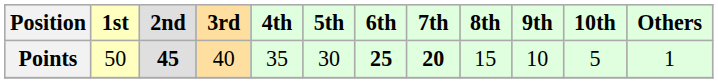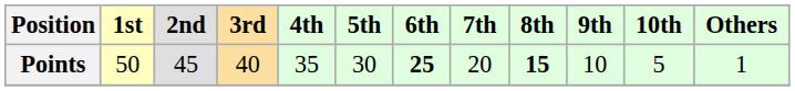 <table class="wikitable" style="font-size:85%; text-align:center">
 <tr>
 <th>Position</th>
 <td style="background:#ffffbf;"> <strong>1st</strong> </td>
 <td style="background:#dfdfdf;"> <strong>2nd</strong> </td>
 <td style="background:#ffdf9f;"> <strong>3rd</strong> </td>
 <td style="background:#dfffdf;"> <strong>4th</strong> </td>
 <td style="background:#dfffdf;"> <strong>5th</strong> </td>
 <td style="background:#dfffdf;"> <strong>6th</strong> </td>
 <td style="background:#dfffdf;"> <strong>7th</strong> </td>
 <td style="background:#dfffdf;"> <strong>8th</strong> </td>
 <td style="background:#dfffdf;"> <strong>9th</strong> </td>
 <td style="background:#dfffdf;"> <strong>10th</strong> </td>
 <td style="background:#dfffdf;"> <strong>Others</strong> </td>
 </tr>
 <tr>
 <th>Points</th>
 <td style="background:#ffffbf;">50</td>
-<td style="background:#dfdfdf;"><strong>45</strong></td>
+<td style="background:#dfdfdf;">45</td>
 <td style="background:#ffdf9f;">40</td>
 <td style="background:#dfffdf;">35</td>
 <td style="background:#dfffdf;">30</td>
 <td style="background:#dfffdf;"><strong>25</strong></td>
-<td style="background:#dfffdf;"><strong>20</strong></td>
-<td style="background:#dfffdf;">15</td>
+<td style="background:#dfffdf;">20</td>
+<td style="background:#dfffdf;"><strong>15</strong></td>
 <td style="background:#dfffdf;">10</td>
 <td style="background:#dfffdf;">5</td>
 <td style="background:#dfffdf;">1</td>
 </tr>
 <tr>
 </tr>
 </table>
